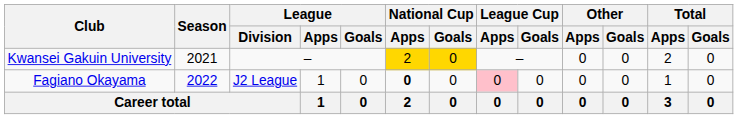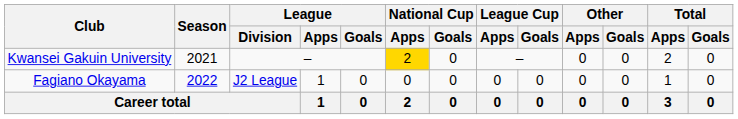 <table class="wikitable" style="text-align: center">
 <tr>
 <th rowspan="2">Club</th>
 <th rowspan="2">Season</th>
 <th colspan="3">League</th>
 <th colspan="2">National Cup</th>
 <th colspan="2">League Cup</th>
 <th colspan="2">Other</th>
 <th colspan="2">Total</th>
 </tr>
 <tr>
 <th>Division</th>
 <th>Apps</th>
 <th>Goals</th>
 <th>Apps</th>
 <th>Goals</th>
 <th>Apps</th>
 <th>Goals</th>
 <th>Apps</th>
 <th>Goals</th>
 <th>Apps</th>
 <th>Goals</th>
 </tr>
 <tr>
 <td><a href='#'>Kwansei Gakuin University</a></td>
 <td>2021</td>
 <td colspan="3">–</td>
 <td style="background: gold;">2</td>
-<td style="background: gold;">0</td>
+<td>0</td>
 <td colspan="2">–</td>
 <td>0</td>
 <td>0</td>
 <td>2</td>
 <td>0</td>
 </tr>
 <tr>
 <td><a href='#'>Fagiano Okayama</a></td>
 <td><a href='#'>2022</a></td>
 <td><a href='#'>J2 League</a></td>
 <td>1</td>
 <td>0</td>
-<td><strong>0</strong></td>
 <td>0</td>
-<td style="background: pink;">0</td>
+<td>0</td>
+<td>0</td>
 <td>0</td>
 <td>0</td>
 <td>0</td>
 <td>1</td>
 <td>0</td>
 </tr>
 <tr>
 <th colspan=3>Career total</th>
 <th>1</th>
 <th>0</th>
 <th>2</th>
 <th>0</th>
 <th>0</th>
 <th>0</th>
 <th>0</th>
 <th>0</th>
 <th>3</th>
 <th>0</th>
 </tr>
 </table>
